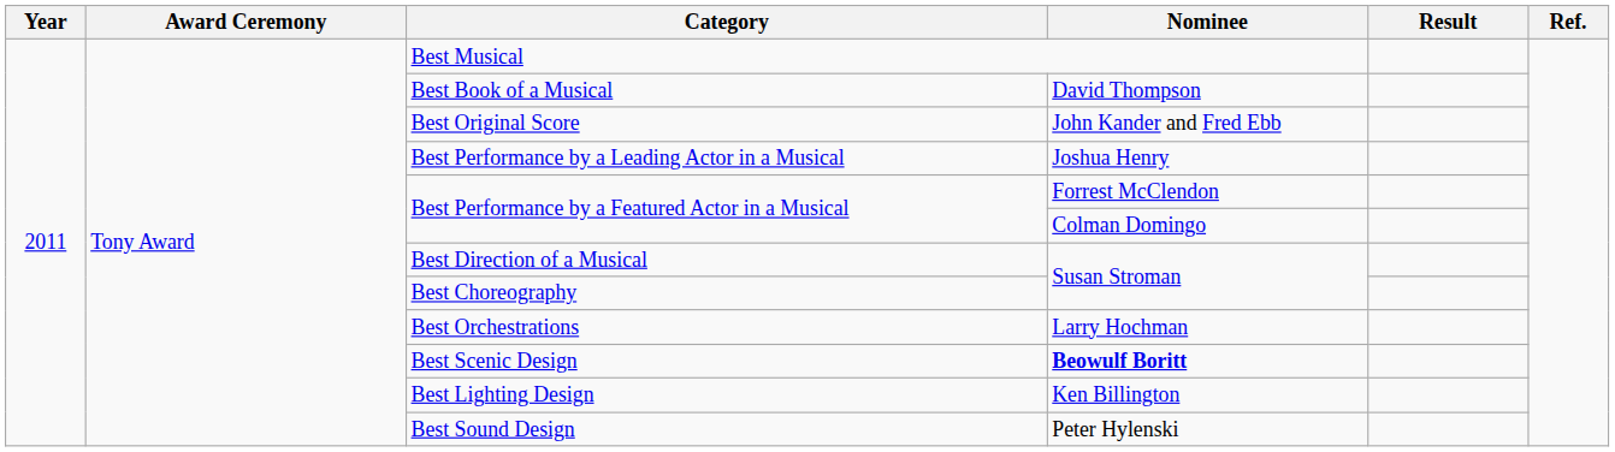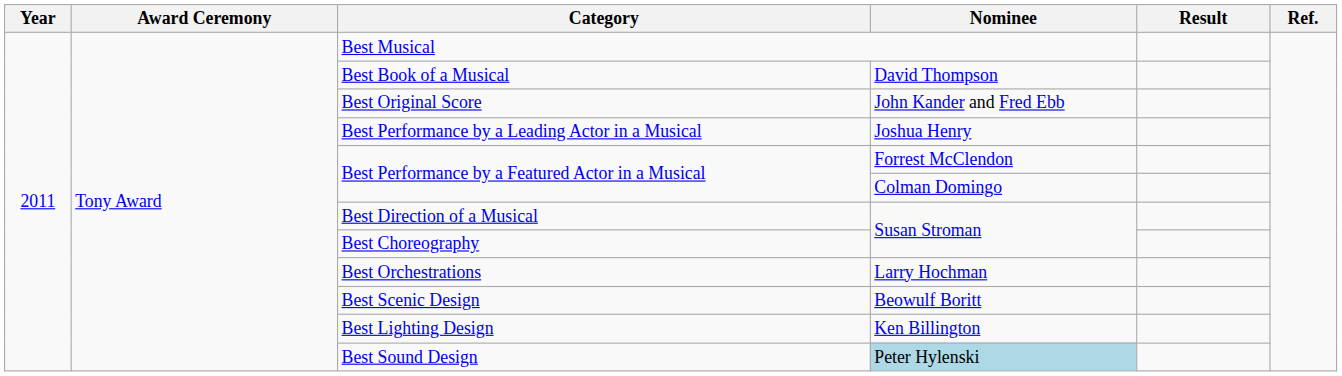 <table class="wikitable" style="width:95%;">
 <tr>
 <th style="width:5%;">Year</th>
 <th style="width:20%;">Award Ceremony</th>
 <th style="width:40%;">Category</th>
 <th style="width:20%;">Nominee</th>
 <th style="width:10%;">Result</th>
 <th style="width:5%;">Ref.</th>
 </tr>
 <tr>
 <td rowspan="12" style="text-align:center;"><a href='#'>2011</a></td>
 <td rowspan="12"><a href='#'>Tony Award</a></td>
 <td colspan="2"><a href='#'>Best Musical</a></td>
 <td></td>
 <td rowspan="12" style="text-align:center;"></td>
 </tr>
 <tr>
 <td><a href='#'>Best Book of a Musical</a></td>
 <td><a href='#'>David Thompson</a></td>
 <td></td>
 </tr>
 <tr>
 <td><a href='#'>Best Original Score</a></td>
 <td><a href='#'>John Kander</a> and <a href='#'>Fred Ebb</a></td>
 <td></td>
 </tr>
 <tr>
 <td><a href='#'>Best Performance by a Leading Actor in a Musical</a></td>
 <td><a href='#'>Joshua Henry</a></td>
 <td></td>
 </tr>
 <tr>
 <td rowspan="2"><a href='#'>Best Performance by a Featured Actor in a Musical</a></td>
 <td><a href='#'>Forrest McClendon</a></td>
 <td></td>
 </tr>
 <tr>
 <td><a href='#'>Colman Domingo</a></td>
 <td></td>
 </tr>
 <tr>
 <td><a href='#'>Best Direction of a Musical</a></td>
 <td rowspan="2"><a href='#'>Susan Stroman</a></td>
 <td></td>
 </tr>
 <tr>
 <td><a href='#'>Best Choreography</a></td>
 <td></td>
 </tr>
 <tr>
 <td><a href='#'>Best Orchestrations</a></td>
 <td><a href='#'>Larry Hochman</a></td>
 <td></td>
 </tr>
 <tr>
 <td><a href='#'>Best Scenic Design</a></td>
-<td><strong><a href='#'>Beowulf Boritt</a></strong></td>
+<td><a href='#'>Beowulf Boritt</a></td>
 <td></td>
 </tr>
 <tr>
 <td><a href='#'>Best Lighting Design</a></td>
 <td><a href='#'>Ken Billington</a></td>
 <td></td>
 </tr>
 <tr>
 <td><a href='#'>Best Sound Design</a></td>
-<td>Peter Hylenski</td>
+<td style="background: lightblue;">Peter Hylenski</td>
 <td></td>
 </tr>
 </table>
